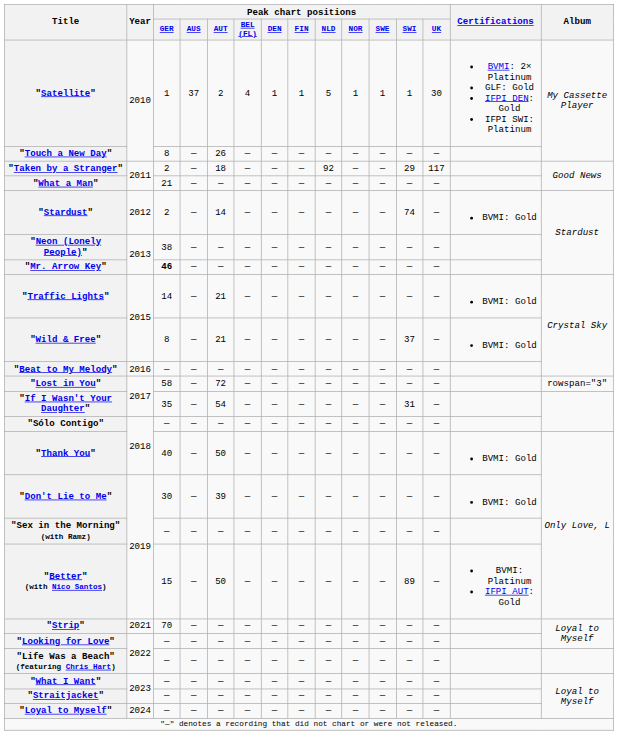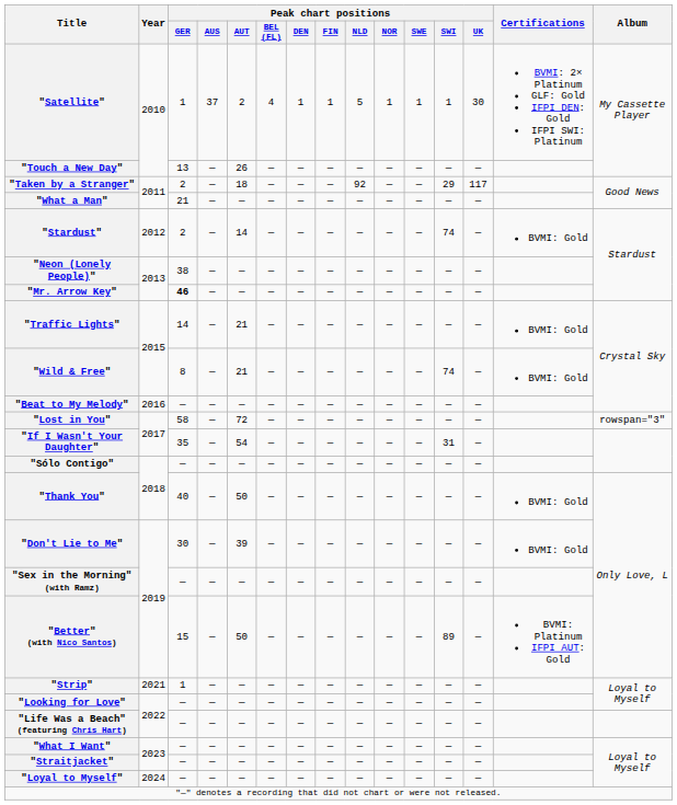 <table class="wikitable plainrowheaders" style="text-align:center;">
 <tr>
 <th scope="col" rowspan="2" style="width:13em;">Title</th>
 <th scope="col" rowspan="2" style="width:1em;">Year</th>
 <th scope="col" colspan="11">Peak chart positions</th>
 <th scope="col" rowspan="2"><a href='#'>Certifications</a></th>
 <th scope="col" rowspan="2">Album</th>
 </tr>
 <tr>
 <th scope="col" style="width:3em;font-size:85%;"><a href='#'>GER</a><br></th>
 <th scope="col" style="width:3em;font-size:85%;"><a href='#'>AUS</a><br></th>
 <th scope="col" style="width:3em;font-size:85%;"><a href='#'>AUT</a><br></th>
 <th scope="col" style="width:3em;font-size:85%;"><a href='#'>BEL<br>(FL)</a><br></th>
 <th scope="col" style="width:3em;font-size:85%;"><a href='#'>DEN</a><br></th>
 <th scope="col" style="width:3em;font-size:85%;"><a href='#'>FIN</a><br></th>
 <th scope="col" style="width:3em;font-size:85%;"><a href='#'>NLD</a><br> </th>
 <th scope="col" style="width:3em;font-size:85%;"><a href='#'>NOR</a><br></th>
 <th scope="col" style="width:3em;font-size:85%;"><a href='#'>SWE</a><br></th>
 <th scope="col" style="width:3em;font-size:85%;"><a href='#'>SWI</a><br></th>
 <th scope="col" style="width:3em;font-size:85%;"><a href='#'>UK</a><br></th>
 </tr>
 <tr>
 <th scope="row">"<a href='#'>Satellite</a>"</th>
 <td rowspan="2">2010</td>
 <td>1</td>
 <td>37</td>
 <td>2</td>
 <td>4</td>
 <td>1</td>
 <td>1</td>
 <td>5</td>
 <td>1</td>
 <td>1</td>
 <td>1</td>
 <td>30</td>
 <td><br><ul><li><a href='#'>BVMI</a>: 2× Platinum</li><li>GLF: Gold</li><li><a href='#'>IFPI DEN</a>: Gold</li><li>IFPI SWI: Platinum</li></ul></td>
 <td rowspan="2"><em>My Cassette Player</em></td>
 </tr>
 <tr>
 <th scope="row">"<a href='#'>Touch a New Day</a>"</th>
-<td>8</td>
+<td>13</td>
 <td>—</td>
 <td>26</td>
 <td>—</td>
 <td>—</td>
 <td>—</td>
 <td>—</td>
 <td>—</td>
 <td>—</td>
 <td>—</td>
 <td>—</td>
 <td></td>
 </tr>
 <tr>
 <th scope="row">"<a href='#'>Taken by a Stranger</a>"</th>
 <td rowspan="2">2011</td>
 <td>2</td>
 <td>—</td>
 <td>18</td>
 <td>—</td>
 <td>—</td>
 <td>—</td>
 <td>92</td>
 <td>—</td>
 <td>—</td>
 <td>29</td>
 <td>117</td>
 <td></td>
 <td rowspan="2"><em>Good News</em></td>
 </tr>
 <tr>
 <th scope="row">"<a href='#'>What a Man</a>"</th>
 <td>21</td>
 <td>—</td>
 <td>—</td>
 <td>—</td>
 <td>—</td>
 <td>—</td>
 <td>—</td>
 <td>—</td>
 <td>—</td>
 <td>—</td>
 <td>—</td>
 <td></td>
 </tr>
 <tr>
 <th scope="row">"<a href='#'>Stardust</a>"</th>
 <td>2012</td>
 <td>2</td>
 <td>—</td>
 <td>14</td>
 <td>—</td>
 <td>—</td>
 <td>—</td>
 <td>—</td>
 <td>—</td>
 <td>—</td>
 <td>74</td>
 <td>—</td>
 <td><br><ul><li>BVMI: Gold</li></ul></td>
 <td rowspan="3"><em>Stardust</em></td>
 </tr>
 <tr>
 <th scope="row">"<a href='#'>Neon (Lonely People)</a>"</th>
 <td rowspan="2">2013</td>
 <td>38</td>
 <td>—</td>
 <td>—</td>
 <td>—</td>
 <td>—</td>
 <td>—</td>
 <td>—</td>
 <td>—</td>
 <td>—</td>
 <td>—</td>
 <td>—</td>
 <td></td>
 </tr>
 <tr>
 <th scope="row">"<a href='#'>Mr. Arrow Key</a>"</th>
 <td><strong>46</strong></td>
 <td>—</td>
 <td>—</td>
 <td>—</td>
 <td>—</td>
 <td>—</td>
 <td>—</td>
 <td>—</td>
 <td>—</td>
 <td>—</td>
 <td>—</td>
 <td></td>
 </tr>
 <tr>
 <th scope="row">"<a href='#'>Traffic Lights</a>"</th>
 <td rowspan="2">2015</td>
 <td>14</td>
 <td>—</td>
 <td>21</td>
 <td>—</td>
 <td>—</td>
 <td>—</td>
 <td>—</td>
 <td>—</td>
 <td>—</td>
 <td>—</td>
 <td>—</td>
 <td><br><ul><li>BVMI: Gold</li></ul></td>
 <td rowspan="3"><em>Crystal Sky</em></td>
 </tr>
 <tr>
 <th scope="row">"<a href='#'>Wild & Free</a>"</th>
 <td>8</td>
 <td>—</td>
 <td>21</td>
 <td>—</td>
 <td>—</td>
 <td>—</td>
 <td>—</td>
 <td>—</td>
 <td>—</td>
-<td>37</td>
+<td>74</td>
 <td>—</td>
 <td><br><ul><li>BVMI: Gold</li></ul></td>
 </tr>
 <tr>
 <th scope="row">"<a href='#'>Beat to My Melody</a>"</th>
 <td>2016</td>
 <td>—</td>
 <td>—</td>
 <td>—</td>
 <td>—</td>
 <td>—</td>
 <td>—</td>
 <td>—</td>
 <td>—</td>
 <td>—</td>
 <td>—</td>
 <td>—</td>
 <td></td>
 </tr>
 <tr>
 <th scope="row">"<a href='#'>Lost in You</a>"</th>
 <td rowspan="2">2017</td>
 <td>58</td>
 <td>—</td>
 <td>72</td>
 <td>—</td>
 <td>—</td>
 <td>—</td>
 <td>—</td>
 <td>—</td>
 <td>—</td>
 <td>—</td>
 <td>—</td>
 <td></td>
 <td>rowspan="3" </td>
 </tr>
 <tr>
 <th scope="row">"<a href='#'>If I Wasn't Your Daughter</a>"</th>
 <td>35</td>
 <td>—</td>
 <td>54</td>
 <td>—</td>
 <td>—</td>
 <td>—</td>
 <td>—</td>
 <td>—</td>
 <td>—</td>
 <td>31</td>
 <td>—</td>
 <td></td>
 </tr>
 <tr>
 <th scope="row">"Sólo Contigo" <br></th>
 <td rowspan="2">2018</td>
 <td>—</td>
 <td>—</td>
 <td>—</td>
 <td>—</td>
 <td>—</td>
 <td>—</td>
 <td>—</td>
 <td>—</td>
 <td>—</td>
 <td>—</td>
 <td>—</td>
 <td></td>
 </tr>
 <tr>
 <th scope="row">"<a href='#'>Thank You</a>"</th>
 <td>40</td>
 <td>—</td>
 <td>50</td>
 <td>—</td>
 <td>—</td>
 <td>—</td>
 <td>—</td>
 <td>—</td>
 <td>—</td>
 <td>—</td>
 <td>—</td>
 <td><br><ul><li>BVMI: Gold</li></ul></td>
 <td rowspan="4"><em>Only Love, L</em></td>
 </tr>
 <tr>
 <th scope="row">"<a href='#'>Don't Lie to Me</a>"</th>
 <td rowspan="3">2019</td>
 <td>30</td>
 <td>—</td>
 <td>39</td>
 <td>—</td>
 <td>—</td>
 <td>—</td>
 <td>—</td>
 <td>—</td>
 <td>—</td>
 <td>—</td>
 <td>—</td>
 <td><br><ul><li>BVMI: Gold</li></ul></td>
 </tr>
 <tr>
 <th scope="row">"Sex in the Morning"<br><small>(with Ramz)</small></th>
 <td>—</td>
 <td>—</td>
 <td>—</td>
 <td>—</td>
 <td>—</td>
 <td>—</td>
 <td>—</td>
 <td>—</td>
 <td>—</td>
 <td>—</td>
 <td>—</td>
 <td></td>
 </tr>
 <tr>
 <th scope="row">"<a href='#'>Better</a>"<br><small>(with <a href='#'>Nico Santos</a>)</small></th>
 <td>15</td>
 <td>—</td>
 <td>50</td>
 <td>—</td>
 <td>—</td>
 <td>—</td>
 <td>—</td>
 <td>—</td>
 <td>—</td>
 <td>89</td>
 <td>—</td>
 <td><br><ul><li>BVMI: Platinum</li><li><a href='#'>IFPI AUT</a>: Gold</li></ul></td>
 </tr>
 <tr>
 <th scope="row">"<a href='#'>Strip</a>"</th>
 <td>2021</td>
-<td>70</td>
+<td>1</td>
 <td>—</td>
 <td>—</td>
 <td>—</td>
 <td>—</td>
 <td>—</td>
 <td>—</td>
 <td>—</td>
 <td>—</td>
 <td>—</td>
 <td>—</td>
 <td></td>
 <td rowspan="2"><em>Loyal to Myself</em></td>
 </tr>
 <tr>
 <th scope="row">"<a href='#'>Looking for Love</a>"</th>
 <td rowspan="2">2022</td>
 <td>—</td>
 <td>—</td>
 <td>—</td>
 <td>—</td>
 <td>—</td>
 <td>—</td>
 <td>—</td>
 <td>—</td>
 <td>—</td>
 <td>—</td>
 <td>—</td>
 <td></td>
 </tr>
 <tr>
 <th scope="row">"Life Was a Beach" <br><small>(featuring <a href='#'>Chris Hart</a>)</small></th>
 <td>—</td>
 <td>—</td>
 <td>—</td>
 <td>—</td>
 <td>—</td>
 <td>—</td>
 <td>—</td>
 <td>—</td>
 <td>—</td>
 <td>—</td>
 <td>—</td>
 <td></td>
 <td></td>
 </tr>
 <tr>
 <th scope="row">"<a href='#'>What I Want</a>"</th>
 <td rowspan="2">2023</td>
 <td>—</td>
 <td>—</td>
 <td>—</td>
 <td>—</td>
 <td>—</td>
 <td>—</td>
 <td>—</td>
 <td>—</td>
 <td>—</td>
 <td>—</td>
 <td>—</td>
 <td></td>
 <td rowspan="3"><em>Loyal to Myself</em></td>
 </tr>
 <tr>
 <th scope="row">"<a href='#'>Straitjacket</a>"</th>
 <td>—</td>
 <td>—</td>
 <td>—</td>
 <td>—</td>
 <td>—</td>
 <td>—</td>
 <td>—</td>
 <td>—</td>
 <td>—</td>
 <td>—</td>
 <td>—</td>
 <td></td>
 </tr>
 <tr>
 <th scope="row">"<a href='#'>Loyal to Myself</a>"</th>
 <td rowspan="1">2024</td>
 <td>—</td>
 <td>—</td>
 <td>—</td>
 <td>—</td>
 <td>—</td>
 <td>—</td>
 <td>—</td>
 <td>—</td>
 <td>—</td>
 <td>—</td>
 <td>—</td>
 <td></td>
 </tr>
 <tr>
 <td colspan="21" style="text-align:center; font-size:85%;">"—" denotes a recording that did not chart or were not released.</td>
 </tr>
 </table>
